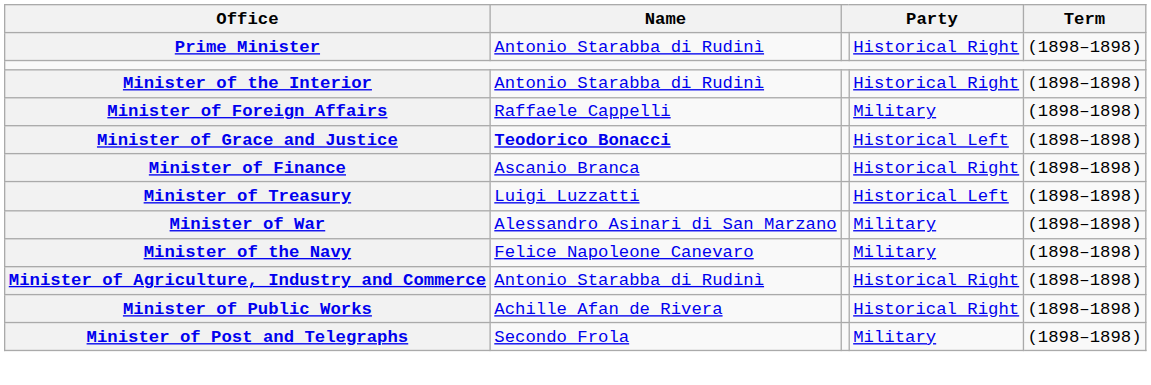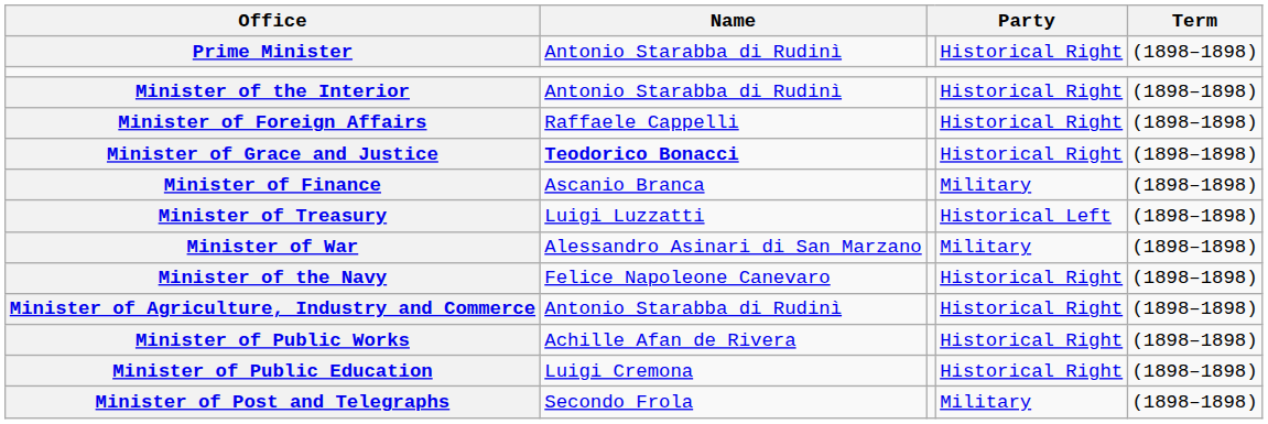 <table class="wikitable" style="font-size: 100%;">
 <tr>
 <th>Office</th>
 <th>Name</th>
 <th colspan=2>Party</th>
 <th>Term</th>
 </tr>
 <tr>
 <th><a href='#'>Prime Minister</a></th>
 <td><a href='#'>Antonio Starabba di Rudinì</a></td>
 <td style="color:inherit;background:"></td>
 <td><a href='#'>Historical Right</a></td>
 <td>(1898–1898)</td>
 </tr>
 <tr>
 <td colspan=5></td>
 </tr>
 <tr>
 <th><a href='#'>Minister of the Interior</a></th>
 <td><a href='#'>Antonio Starabba di Rudinì</a></td>
 <td style="color:inherit;background:"></td>
 <td><a href='#'>Historical Right</a></td>
 <td>(1898–1898)</td>
 </tr>
 <tr>
 <th><a href='#'>Minister of Foreign Affairs</a></th>
 <td><a href='#'>Raffaele Cappelli</a></td>
 <td style="color:inherit;background:"></td>
-<td><a href='#'>Military</a></td>
+<td><a href='#'>Historical Right</a></td>
 <td>(1898–1898)</td>
 </tr>
 <tr>
 <th><a href='#'>Minister of Grace and Justice</a></th>
 <td><strong><a href='#'>Teodorico Bonacci</a></strong></td>
 <td style="color:inherit;background:"></td>
-<td><a href='#'>Historical Left</a></td>
+<td><a href='#'>Historical Right</a></td>
 <td>(1898–1898)</td>
 </tr>
 <tr>
 <th><a href='#'>Minister of Finance</a></th>
 <td><a href='#'>Ascanio Branca</a></td>
 <td style="color:inherit;background:"></td>
-<td><a href='#'>Historical Right</a></td>
+<td><a href='#'>Military</a></td>
 <td>(1898–1898)</td>
 </tr>
 <tr>
 <th><a href='#'>Minister of Treasury</a></th>
 <td><a href='#'>Luigi Luzzatti</a></td>
 <td style="color:inherit;background:"></td>
 <td><a href='#'>Historical Left</a></td>
 <td>(1898–1898)</td>
 </tr>
 <tr>
 <th><a href='#'>Minister of War</a></th>
 <td><a href='#'>Alessandro Asinari di San Marzano</a></td>
 <td style="color:inherit;background:"></td>
 <td><a href='#'>Military</a></td>
 <td>(1898–1898)</td>
 </tr>
 <tr>
 <th><a href='#'>Minister of the Navy</a></th>
 <td><a href='#'>Felice Napoleone Canevaro</a></td>
 <td style="color:inherit;background:"></td>
-<td><a href='#'>Military</a></td>
+<td><a href='#'>Historical Right</a></td>
 <td>(1898–1898)</td>
 </tr>
 <tr>
 <th><a href='#'>Minister of Agriculture, Industry and Commerce</a></th>
 <td><a href='#'>Antonio Starabba di Rudinì</a></td>
 <td style="color:inherit;background:"></td>
 <td><a href='#'>Historical Right</a></td>
 <td>(1898–1898)</td>
 </tr>
 <tr>
 <th><a href='#'>Minister of Public Works</a></th>
 <td><a href='#'>Achille Afan de Rivera</a></td>
 <td style="color:inherit;background:"></td>
 <td><a href='#'>Historical Right</a></td>
 <td>(1898–1898)</td>
 </tr>
 <tr>
+<th><a href='#'>Minister of Public Education</a></th>
+<td><a href='#'>Luigi Cremona</a></td>
+<td style="color:inherit;background:"></td>
+<td><a href='#'>Historical Right</a></td>
+<td>(1898–1898)</td>
+</tr>
+<tr>
 <th><a href='#'>Minister of Post and Telegraphs</a></th>
 <td><a href='#'>Secondo Frola</a></td>
 <td style="color:inherit;background:"></td>
 <td><a href='#'>Military</a></td>
 <td>(1898–1898)</td>
 </tr>
 </table>
